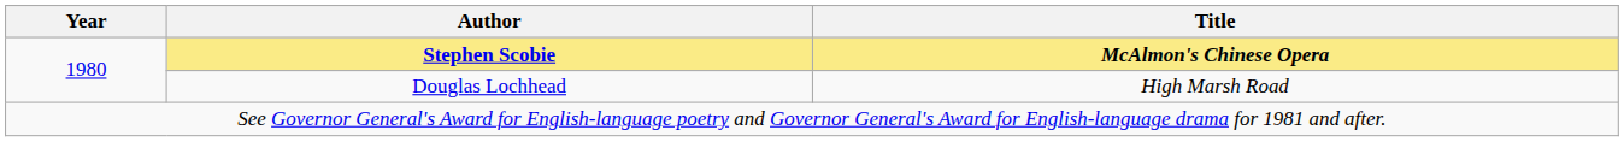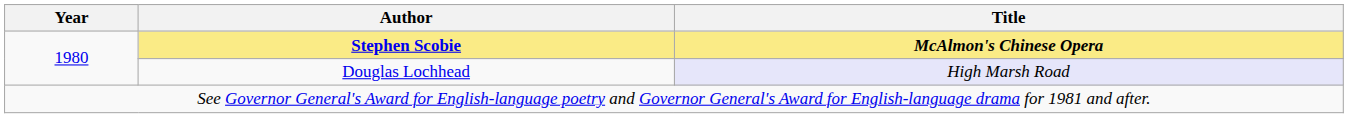 <table class="wikitable" width="100%">
 <tr>
 <th>Year</th>
 <th width="40%">Author</th>
 <th width="50%">Title</th>
 </tr>
 <tr>
 <td align="center" rowspan=2><a href='#'>1980</a></td>
 <td align="center" style="background:#FAEB86"><strong><a href='#'>Stephen Scobie</a></strong></td>
 <td align="center" style="background:#FAEB86"><strong><em>McAlmon's Chinese Opera</em></strong></td>
 </tr>
 <tr>
 <td align="center"><a href='#'>Douglas Lochhead</a></td>
-<td align="center"><em>High Marsh Road</em></td>
+<td align="center" style="background: lavender;"><em>High Marsh Road</em></td>
 </tr>
 <tr>
 <td align="center" colspan=3><em>See <a href='#'>Governor General's Award for English-language poetry</a> and <a href='#'>Governor General's Award for English-language drama</a> for 1981 and after.</em></td>
 </tr>
 </table>
